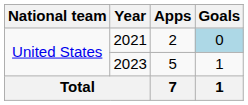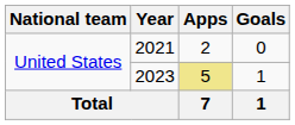 <table class="wikitable" style="text-align:center">
 <tr>
 <th>National team</th>
 <th>Year</th>
 <th>Apps</th>
 <th>Goals</th>
 </tr>
 <tr>
 <td rowspan=2><a href='#'>United States</a></td>
 <td>2021</td>
 <td>2</td>
-<td style="background: lightblue;">0</td>
+<td>0</td>
 </tr>
 <tr>
 <td>2023</td>
-<td>5</td>
+<td style="background: khaki;">5</td>
 <td>1</td>
 </tr>
 <tr>
 <th colspan="2">Total</th>
 <th>7</th>
 <th>1</th>
 </tr>
 </table>
